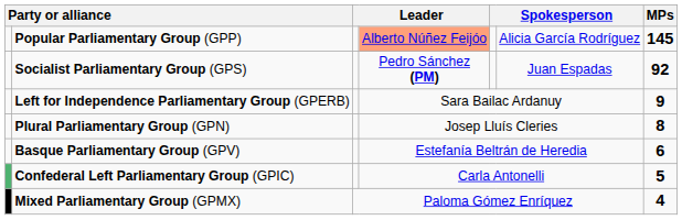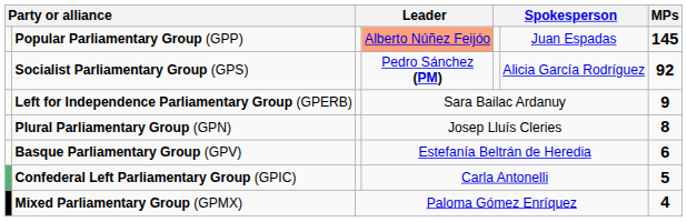 <table class="wikitable" style="font-size:97%; text-align:center;">
 <tr>
 <th style="text-align:left;" colspan="2">Party or alliance</th>
 <th colspan="2">Leader</th>
 <th colspan="2"><a href='#'>Spokesperson</a></th>
 <th>MPs</th>
 </tr>
 <tr>
 <td width="1"></td>
 <td align="left"><strong>Popular Parliamentary Group</strong> (GPP)<br></td>
 <td></td>
 <td style="background: lightsalmon;"><a href='#'>Alberto Núñez Feijóo</a></td>
 <td></td>
-<td><a href='#'>Alicia García Rodríguez</a></td>
+<td><a href='#'>Juan Espadas</a></td>
 <td><strong><big>145</big></strong></td>
 </tr>
 <tr>
 <td></td>
 <td align="left"><strong>Socialist Parliamentary Group</strong> (GPS)<br></td>
 <td></td>
 <td><a href='#'>Pedro Sánchez</a><br><strong>(<a href='#'>PM</a>)</strong></td>
 <td></td>
-<td><a href='#'>Juan Espadas</a></td>
+<td><a href='#'>Alicia García Rodríguez</a></td>
 <td><strong><big>92</big></strong></td>
 </tr>
 <tr>
 <td></td>
 <td align="left"><strong>Left for Independence Parliamentary Group</strong> (GPERB)<br></td>
 <td></td>
 <td colspan="3">Sara Bailac Ardanuy</td>
 <td><strong><big>9</big></strong></td>
 </tr>
 <tr>
 <td></td>
 <td align="left"><strong>Plural Parliamentary Group</strong> (GPN)<br></td>
 <td></td>
 <td colspan="3">Josep Lluís Cleries</td>
 <td><strong><big>8</big></strong></td>
 </tr>
 <tr>
 <td></td>
 <td align="left"><strong>Basque Parliamentary Group</strong> (GPV)<br></td>
 <td></td>
 <td colspan="3"><a href='#'>Estefanía Beltrán de Heredia</a></td>
 <td><strong><big>6</big></strong></td>
 </tr>
 <tr>
 <td style="color:inherit;background:#4EB270"></td>
 <td align="left"><strong>Confederal Left Parliamentary Group</strong> (GPIC)<br></td>
 <td></td>
 <td colspan="3"><a href='#'>Carla Antonelli</a></td>
 <td><strong><big>5</big></strong></td>
 </tr>
 <tr>
 <td style="color:inherit;background:#000000"></td>
 <td align="left"><strong>Mixed Parliamentary Group</strong> (GPMX)<br></td>
 <td colspan="4"><a href='#'>Paloma Gómez Enríquez</a></td>
 <td><strong><big>4</big></strong></td>
 </tr>
 </table>
